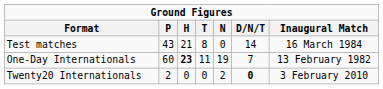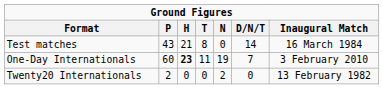 <table class="wikitable" style="text-align: center; width: 500px;">
 <tr>
 <td colspan="7" style="text-align:center;"><strong>Ground Figures</strong></td>
 </tr>
 <tr>
 <th>Format</th>
 <th>P</th>
 <th>H</th>
 <th>T</th>
 <th>N</th>
 <th>D/N/T</th>
 <th>Inaugural Match</th>
 </tr>
 <tr>
 <td style="text-align:left;">Test matches</td>
 <td>43</td>
 <td>21</td>
 <td>8</td>
 <td>0</td>
 <td>14</td>
 <td>16 March 1984</td>
 </tr>
 <tr>
 <td style="text-align:left;">One-Day Internationals</td>
 <td>60</td>
 <td><strong>23</strong></td>
 <td>11</td>
 <td>19</td>
 <td>7</td>
-<td>13 February 1982</td>
+<td>3 February 2010</td>
 </tr>
 <tr>
 <td style="text-align:left;">Twenty20 Internationals</td>
 <td>2</td>
 <td>0</td>
 <td>0</td>
 <td>2</td>
-<td><strong>0</strong></td>
-<td>3 February 2010</td>
+<td>0</td>
+<td>13 February 1982</td>
 </tr>
 </table>
